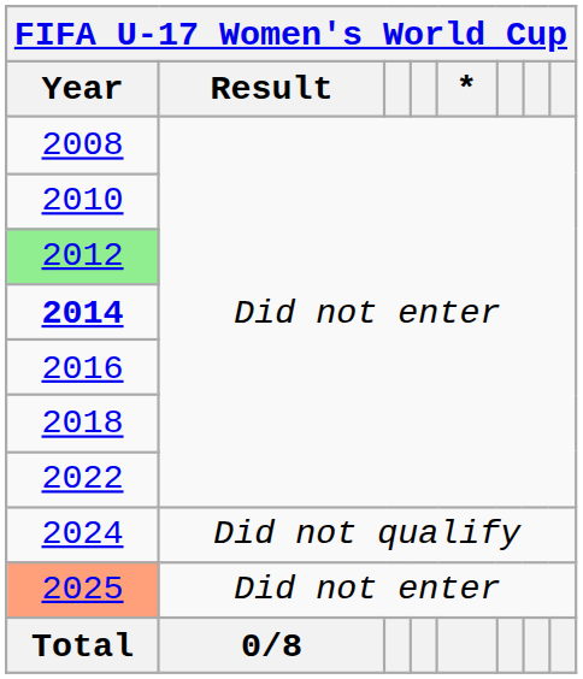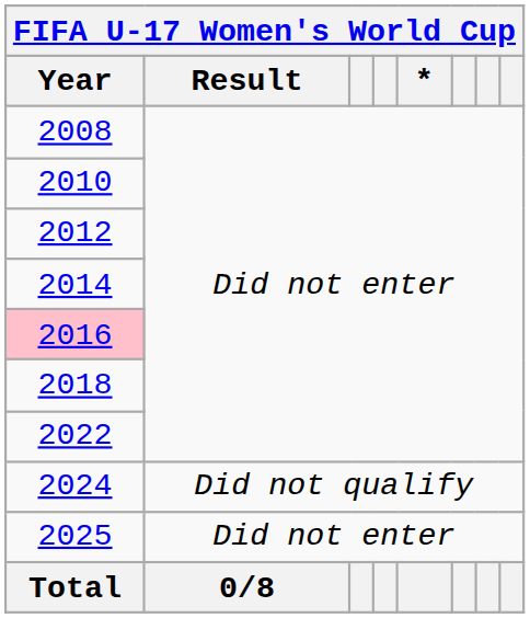 <table class="wikitable" style="text-align: center;">
 <tr>
 <th colspan=9><a href='#'>FIFA U-17 Women's World Cup</a></th>
 </tr>
 <tr>
 <th>Year</th>
 <th>Result</th>
 <th></th>
 <th></th>
 <th> *</th>
 <th></th>
 <th></th>
 <th></th>
 </tr>
 <tr>
 <td> <a href='#'>2008</a></td>
 <td rowspan=7 colspan=8><em>Did not enter</em></td>
 </tr>
 <tr>
 <td> <a href='#'>2010</a></td>
 </tr>
 <tr>
-<td style="background: lightgreen;"> <a href='#'>2012</a></td>
+<td> <a href='#'>2012</a></td>
 </tr>
 <tr>
-<td><strong> <a href='#'>2014</a></strong></td>
+<td> <a href='#'>2014</a></td>
 </tr>
 <tr>
-<td> <a href='#'>2016</a></td>
+<td style="background: pink;"> <a href='#'>2016</a></td>
 </tr>
 <tr>
 <td> <a href='#'>2018</a></td>
 </tr>
 <tr>
 <td> <a href='#'>2022</a></td>
 </tr>
 <tr>
 <td> <a href='#'>2024</a></td>
 <td colspan=8><em>Did not qualify</em></td>
 </tr>
 <tr>
-<td style="background: lightsalmon;"> <a href='#'>2025</a></td>
+<td> <a href='#'>2025</a></td>
 <td colspan=8><em>Did not enter</em></td>
 </tr>
 <tr>
 <th>Total</th>
 <th>0/8</th>
 <th></th>
 <th></th>
 <th></th>
 <th></th>
 <th></th>
 <th></th>
 </tr>
 </table>
